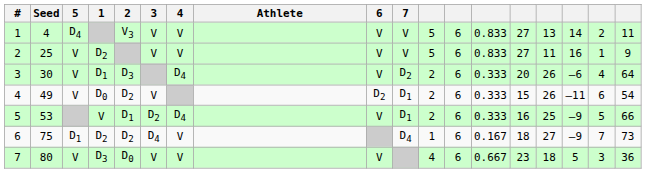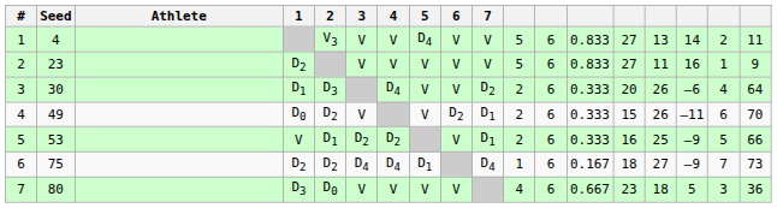 <table class="wikitable" style="text-align:center">
 <tr>
 <th width="25">#</th>
 <th width="25">Seed</th>
-<th width="25">5</th>
+<th width="200">Athlete</th>
 <th width="25">1</th>
 <th width="25">2</th>
 <th width="25">3</th>
 <th width="25">4</th>
-<th width="200">Athlete</th>
+<th width="25">5</th>
 <th width="25">6</th>
 <th width="25">7</th>
 <th width="25"></th>
 <th width="25"></th>
 <th width="40"></th>
 <th width="25"></th>
 <th width="25"></th>
 <th width="25"></th>
 <th width="25"></th>
 <th width="25"></th>
 </tr>
 <tr bgcolor="#ccffcc">
 <td>1</td>
 <td>4</td>
-<td>D<sub>4</sub></td>
+<td align=left></td>
 <td bgcolor="#cccccc"></td>
 <td>V<sub>3</sub></td>
 <td>V</td>
 <td>V</td>
-<td align=left></td>
+<td>D<sub>4</sub></td>
 <td>V</td>
 <td>V</td>
 <td>5</td>
 <td>6</td>
 <td>0.833</td>
 <td>27</td>
 <td>13</td>
 <td>14</td>
 <td>2</td>
 <td>11</td>
 </tr>
 <tr bgcolor="#ccffcc">
 <td>2</td>
-<td>25</td>
-<td>V</td>
+<td>23</td>
+<td align=left></td>
 <td>D<sub>2</sub></td>
 <td bgcolor="#cccccc"></td>
 <td>V</td>
 <td>V</td>
-<td align=left></td>
+<td>V</td>
 <td>V</td>
 <td>V</td>
 <td>5</td>
 <td>6</td>
 <td>0.833</td>
 <td>27</td>
 <td>11</td>
 <td>16</td>
 <td>1</td>
 <td>9</td>
 </tr>
 <tr bgcolor="#ccffcc">
 <td>3</td>
 <td>30</td>
-<td>V</td>
+<td align=left></td>
 <td>D<sub>1</sub></td>
 <td>D<sub>3</sub></td>
 <td bgcolor="#cccccc"></td>
 <td>D<sub>4</sub></td>
-<td align=left></td>
+<td>V</td>
 <td>V</td>
 <td>D<sub>2</sub></td>
 <td>2</td>
 <td>6</td>
 <td>0.333</td>
 <td>20</td>
 <td>26</td>
 <td>–6</td>
 <td>4</td>
 <td>64</td>
 </tr>
 <tr>
 <td>4</td>
 <td>49</td>
-<td>V</td>
+<td align=left></td>
 <td>D<sub>0</sub></td>
 <td>D<sub>2</sub></td>
 <td>V</td>
 <td bgcolor="#cccccc"></td>
-<td align=left></td>
+<td>V</td>
 <td>D<sub>2</sub></td>
 <td>D<sub>1</sub></td>
 <td>2</td>
 <td>6</td>
 <td>0.333</td>
 <td>15</td>
 <td>26</td>
 <td>–11</td>
 <td>6</td>
-<td>54</td>
+<td>70</td>
 </tr>
 <tr bgcolor="#ccffcc">
 <td>5</td>
 <td>53</td>
-<td bgcolor="#cccccc"></td>
+<td align=left></td>
 <td>V</td>
 <td>D<sub>1</sub></td>
 <td>D<sub>2</sub></td>
-<td>D<sub>4</sub></td>
-<td align=left></td>
+<td>D<sub>2</sub></td>
+<td bgcolor="#cccccc"></td>
 <td>V</td>
 <td>D<sub>1</sub></td>
 <td>2</td>
 <td>6</td>
 <td>0.333</td>
 <td>16</td>
 <td>25</td>
 <td>–9</td>
 <td>5</td>
 <td>66</td>
 </tr>
 <tr>
 <td>6</td>
 <td>75</td>
-<td>D<sub>1</sub></td>
+<td align=left></td>
 <td>D<sub>2</sub></td>
 <td>D<sub>2</sub></td>
 <td>D<sub>4</sub></td>
-<td>V</td>
-<td align=left></td>
+<td>D<sub>4</sub></td>
+<td>D<sub>1</sub></td>
 <td bgcolor="#cccccc"></td>
 <td>D<sub>4</sub></td>
 <td>1</td>
 <td>6</td>
 <td>0.167</td>
 <td>18</td>
 <td>27</td>
 <td>–9</td>
 <td>7</td>
 <td>73</td>
 </tr>
 <tr bgcolor="#ccffcc">
 <td>7</td>
 <td>80</td>
-<td>V</td>
+<td align=left></td>
 <td>D<sub>3</sub></td>
 <td>D<sub>0</sub></td>
 <td>V</td>
 <td>V</td>
-<td align=left></td>
+<td>V</td>
 <td>V</td>
 <td bgcolor="#cccccc"></td>
 <td>4</td>
 <td>6</td>
 <td>0.667</td>
 <td>23</td>
 <td>18</td>
 <td>5</td>
 <td>3</td>
 <td>36</td>
 </tr>
 </table>
